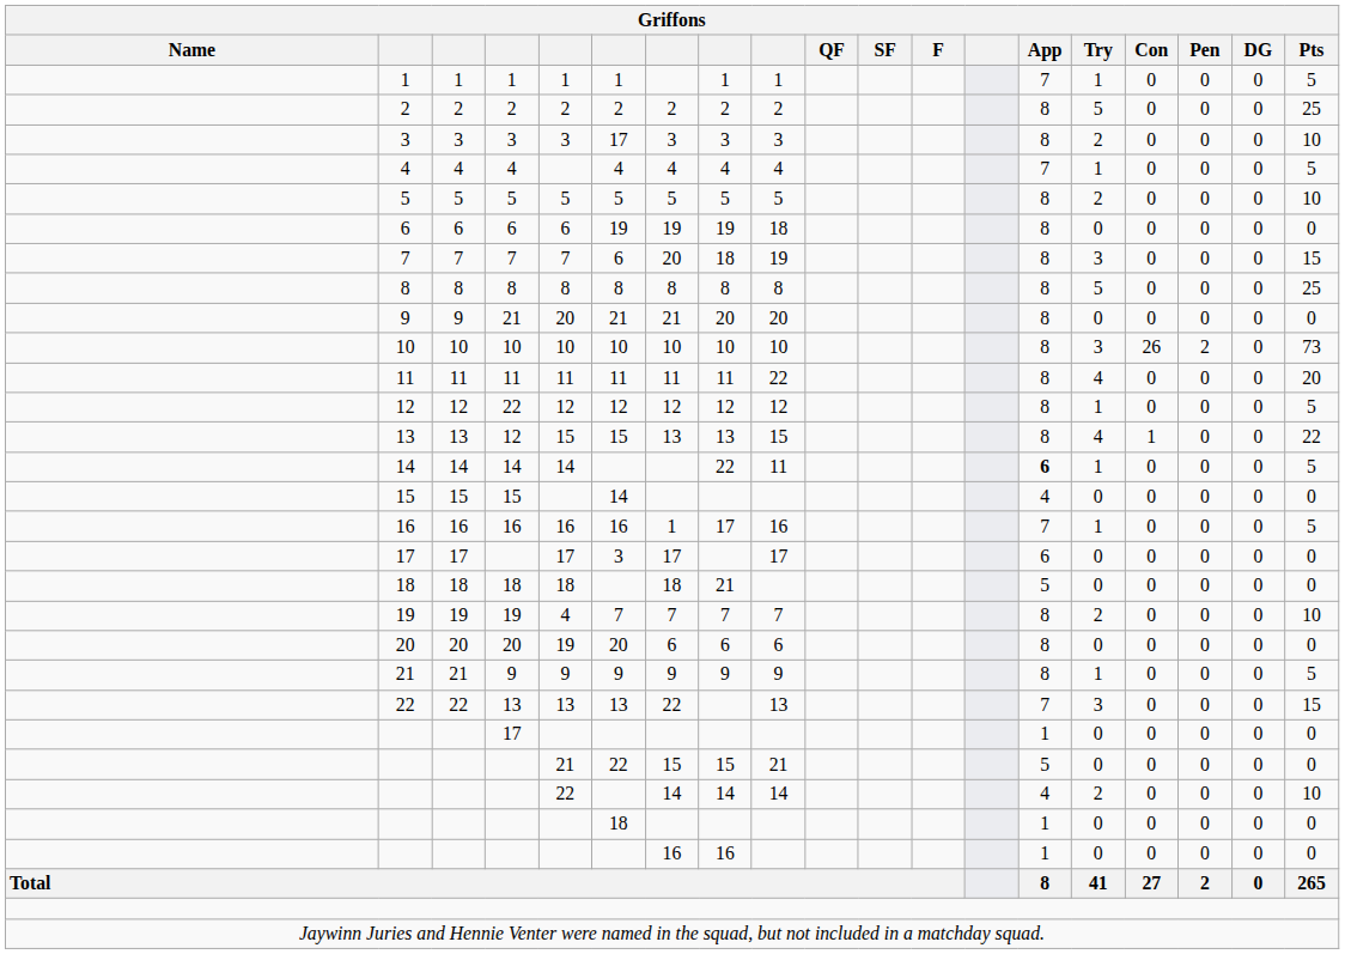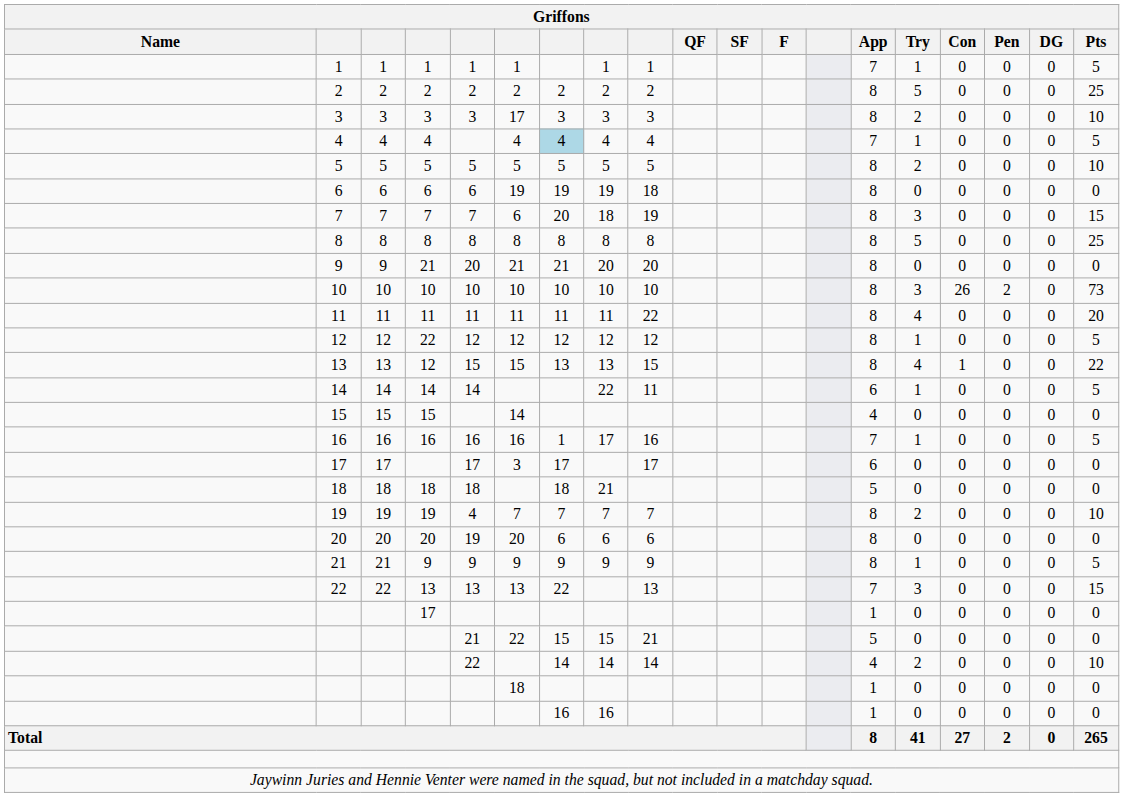 <table class="wikitable collapsible collapsed" style="text-align:center; font-size:100%; width:90%">
 <tr>
 <th colspan="100%">Griffons</th>
 </tr>
 <tr>
 <th style="width:28%;">Name</th>
 <th style="width:4%;"></th>
 <th style="width:4%;"></th>
 <th style="width:4%;"></th>
 <th style="width:4%;"></th>
 <th style="width:4%;"></th>
 <th style="width:4%;"></th>
 <th style="width:4%;"></th>
 <th style="width:4%;"></th>
 <th style="width:4%;">QF</th>
 <th style="width:4%;">SF</th>
 <th style="width:4%;">F</th>
 <th style="width:4%;"></th>
 <th style="width:4%;">App</th>
 <th style="width:4%;">Try</th>
 <th style="width:4%;">Con</th>
 <th style="width:4%;">Pen</th>
 <th style="width:4%;">DG</th>
 <th style="width:4%;">Pts</th>
 </tr>
 <tr>
 <td style="text-align:left;"></td>
 <td>1</td>
 <td>1</td>
 <td>1</td>
 <td>1</td>
 <td>1</td>
 <td></td>
 <td>1</td>
 <td>1</td>
 <td></td>
 <td></td>
 <td></td>
 <td style="background:#EBECF0;"></td>
 <td>7</td>
 <td>1</td>
 <td>0</td>
 <td>0</td>
 <td>0</td>
 <td>5</td>
 </tr>
 <tr>
 <td style="text-align:left;"></td>
 <td>2</td>
 <td>2</td>
 <td>2</td>
 <td>2</td>
 <td>2</td>
 <td>2</td>
 <td>2</td>
 <td>2</td>
 <td></td>
 <td></td>
 <td></td>
 <td style="background:#EBECF0;"></td>
 <td>8</td>
 <td>5</td>
 <td>0</td>
 <td>0</td>
 <td>0</td>
 <td>25</td>
 </tr>
 <tr>
 <td style="text-align:left;"></td>
 <td>3</td>
 <td>3</td>
 <td>3</td>
 <td>3</td>
 <td>17 </td>
 <td>3</td>
 <td>3</td>
 <td>3</td>
 <td></td>
 <td></td>
 <td></td>
 <td style="background:#EBECF0;"></td>
 <td>8</td>
 <td>2</td>
 <td>0</td>
 <td>0</td>
 <td>0</td>
 <td>10</td>
 </tr>
 <tr>
 <td style="text-align:left;"></td>
 <td>4</td>
 <td>4</td>
 <td>4</td>
 <td></td>
 <td>4</td>
-<td>4</td>
+<td style="background: lightblue;">4</td>
 <td>4</td>
 <td>4</td>
 <td></td>
 <td></td>
 <td></td>
 <td style="background:#EBECF0;"></td>
 <td>7</td>
 <td>1</td>
 <td>0</td>
 <td>0</td>
 <td>0</td>
 <td>5</td>
 </tr>
 <tr>
 <td style="text-align:left;"></td>
 <td>5</td>
 <td>5</td>
 <td>5</td>
 <td>5</td>
 <td>5</td>
 <td>5</td>
 <td>5</td>
 <td>5</td>
 <td></td>
 <td></td>
 <td></td>
 <td style="background:#EBECF0;"></td>
 <td>8</td>
 <td>2</td>
 <td>0</td>
 <td>0</td>
 <td>0</td>
 <td>10</td>
 </tr>
 <tr>
 <td style="text-align:left;"></td>
 <td>6</td>
 <td>6</td>
 <td>6</td>
 <td>6</td>
 <td>19 </td>
 <td>19 </td>
 <td>19 </td>
 <td>18 </td>
 <td></td>
 <td></td>
 <td></td>
 <td style="background:#EBECF0;"></td>
 <td>8</td>
 <td>0</td>
 <td>0</td>
 <td>0</td>
 <td>0</td>
 <td>0</td>
 </tr>
 <tr>
 <td style="text-align:left;"></td>
 <td>7</td>
 <td>7</td>
 <td>7</td>
 <td>7</td>
 <td>6</td>
 <td>20 </td>
 <td>18 </td>
 <td>19 </td>
 <td></td>
 <td></td>
 <td></td>
 <td style="background:#EBECF0;"></td>
 <td>8</td>
 <td>3</td>
 <td>0</td>
 <td>0</td>
 <td>0</td>
 <td>15</td>
 </tr>
 <tr>
 <td style="text-align:left;"></td>
 <td>8</td>
 <td>8</td>
 <td>8</td>
 <td>8</td>
 <td>8</td>
 <td>8</td>
 <td>8</td>
 <td>8</td>
 <td></td>
 <td></td>
 <td></td>
 <td style="background:#EBECF0;"></td>
 <td>8</td>
 <td>5</td>
 <td>0</td>
 <td>0</td>
 <td>0</td>
 <td>25</td>
 </tr>
 <tr>
 <td style="text-align:left;"></td>
 <td>9</td>
 <td>9</td>
 <td>21 </td>
 <td>20 </td>
 <td>21 </td>
 <td>21 </td>
 <td>20 </td>
 <td>20 </td>
 <td></td>
 <td></td>
 <td></td>
 <td style="background:#EBECF0;"></td>
 <td>8</td>
 <td>0</td>
 <td>0</td>
 <td>0</td>
 <td>0</td>
 <td>0</td>
 </tr>
 <tr>
 <td style="text-align:left;"></td>
 <td>10</td>
 <td>10</td>
 <td>10</td>
 <td>10</td>
 <td>10</td>
 <td>10</td>
 <td>10</td>
 <td>10</td>
 <td></td>
 <td></td>
 <td></td>
 <td style="background:#EBECF0;"></td>
 <td>8</td>
 <td>3</td>
 <td>26</td>
 <td>2</td>
 <td>0</td>
 <td>73</td>
 </tr>
 <tr>
 <td style="text-align:left;"></td>
 <td>11</td>
 <td>11</td>
 <td>11</td>
 <td>11</td>
 <td>11</td>
 <td>11</td>
 <td>11</td>
 <td>22 </td>
 <td></td>
 <td></td>
 <td></td>
 <td style="background:#EBECF0;"></td>
 <td>8</td>
 <td>4</td>
 <td>0</td>
 <td>0</td>
 <td>0</td>
 <td>20</td>
 </tr>
 <tr>
 <td style="text-align:left;"></td>
 <td>12</td>
 <td>12</td>
 <td>22 </td>
 <td>12</td>
 <td>12</td>
 <td>12</td>
 <td>12</td>
 <td>12</td>
 <td></td>
 <td></td>
 <td></td>
 <td style="background:#EBECF0;"></td>
 <td>8</td>
 <td>1</td>
 <td>0</td>
 <td>0</td>
 <td>0</td>
 <td>5</td>
 </tr>
 <tr>
 <td style="text-align:left;"></td>
 <td>13</td>
 <td>13</td>
 <td>12</td>
 <td>15</td>
 <td>15</td>
 <td>13</td>
 <td>13</td>
 <td>15</td>
 <td></td>
 <td></td>
 <td></td>
 <td style="background:#EBECF0;"></td>
 <td>8</td>
 <td>4</td>
 <td>1</td>
 <td>0</td>
 <td>0</td>
 <td>22</td>
 </tr>
 <tr>
 <td style="text-align:left;"></td>
 <td>14</td>
 <td>14</td>
 <td>14</td>
 <td>14</td>
 <td></td>
 <td></td>
 <td>22 </td>
 <td>11</td>
 <td></td>
 <td></td>
 <td></td>
 <td style="background:#EBECF0;"></td>
-<td><strong>6</strong></td>
+<td>6</td>
 <td>1</td>
 <td>0</td>
 <td>0</td>
 <td>0</td>
 <td>5</td>
 </tr>
 <tr>
 <td style="text-align:left;"></td>
 <td>15</td>
 <td>15</td>
 <td>15</td>
 <td></td>
 <td>14</td>
 <td></td>
 <td></td>
 <td></td>
 <td></td>
 <td></td>
 <td></td>
 <td style="background:#EBECF0;"></td>
 <td>4</td>
 <td>0</td>
 <td>0</td>
 <td>0</td>
 <td>0</td>
 <td>0</td>
 </tr>
 <tr>
 <td style="text-align:left;"></td>
 <td>16 </td>
 <td>16 </td>
 <td>16 </td>
 <td>16</td>
 <td>16 </td>
 <td>1</td>
 <td>17 </td>
 <td>16 </td>
 <td></td>
 <td></td>
 <td></td>
 <td style="background:#EBECF0;"></td>
 <td>7</td>
 <td>1</td>
 <td>0</td>
 <td>0</td>
 <td>0</td>
 <td>5</td>
 </tr>
 <tr>
 <td style="text-align:left;"></td>
 <td>17 </td>
 <td>17 </td>
 <td></td>
 <td>17 </td>
 <td>3</td>
 <td>17 </td>
 <td></td>
 <td>17 </td>
 <td></td>
 <td></td>
 <td></td>
 <td style="background:#EBECF0;"></td>
 <td>6</td>
 <td>0</td>
 <td>0</td>
 <td>0</td>
 <td>0</td>
 <td>0</td>
 </tr>
 <tr>
 <td style="text-align:left;"></td>
 <td>18 </td>
 <td>18 </td>
 <td>18 </td>
 <td>18 </td>
 <td></td>
 <td>18</td>
 <td>21 </td>
 <td></td>
 <td></td>
 <td></td>
 <td></td>
 <td style="background:#EBECF0;"></td>
 <td>5</td>
 <td>0</td>
 <td>0</td>
 <td>0</td>
 <td>0</td>
 <td>0</td>
 </tr>
 <tr>
 <td style="text-align:left;"></td>
 <td>19 </td>
 <td>19 </td>
 <td>19 </td>
 <td>4</td>
 <td>7</td>
 <td>7</td>
 <td>7</td>
 <td>7</td>
 <td></td>
 <td></td>
 <td></td>
 <td style="background:#EBECF0;"></td>
 <td>8</td>
 <td>2</td>
 <td>0</td>
 <td>0</td>
 <td>0</td>
 <td>10</td>
 </tr>
 <tr>
 <td style="text-align:left;"></td>
 <td>20 </td>
 <td>20 </td>
 <td>20 </td>
 <td>19 </td>
 <td>20 </td>
 <td>6</td>
 <td>6</td>
 <td>6</td>
 <td></td>
 <td></td>
 <td></td>
 <td style="background:#EBECF0;"></td>
 <td>8</td>
 <td>0</td>
 <td>0</td>
 <td>0</td>
 <td>0</td>
 <td>0</td>
 </tr>
 <tr>
 <td style="text-align:left;"></td>
 <td>21 </td>
 <td>21 </td>
 <td>9</td>
 <td>9</td>
 <td>9</td>
 <td>9</td>
 <td>9</td>
 <td>9</td>
 <td></td>
 <td></td>
 <td></td>
 <td style="background:#EBECF0;"></td>
 <td>8</td>
 <td>1</td>
 <td>0</td>
 <td>0</td>
 <td>0</td>
 <td>5</td>
 </tr>
 <tr>
 <td style="text-align:left;"></td>
 <td>22 </td>
 <td>22 </td>
 <td>13</td>
 <td>13</td>
 <td>13</td>
 <td>22 </td>
 <td></td>
 <td>13</td>
 <td></td>
 <td></td>
 <td></td>
 <td style="background:#EBECF0;"></td>
 <td>7</td>
 <td>3</td>
 <td>0</td>
 <td>0</td>
 <td>0</td>
 <td>15</td>
 </tr>
 <tr>
 <td style="text-align:left;"></td>
 <td></td>
 <td></td>
 <td>17 </td>
 <td></td>
 <td></td>
 <td></td>
 <td></td>
 <td></td>
 <td></td>
 <td></td>
 <td></td>
 <td style="background:#EBECF0;"></td>
 <td>1</td>
 <td>0</td>
 <td>0</td>
 <td>0</td>
 <td>0</td>
 <td>0</td>
 </tr>
 <tr>
 <td style="text-align:left;"></td>
 <td></td>
 <td></td>
 <td></td>
 <td>21 </td>
 <td>22 </td>
 <td>15</td>
 <td>15</td>
 <td>21 </td>
 <td></td>
 <td></td>
 <td></td>
 <td style="background:#EBECF0;"></td>
 <td>5</td>
 <td>0</td>
 <td>0</td>
 <td>0</td>
 <td>0</td>
 <td>0</td>
 </tr>
 <tr>
 <td style="text-align:left;"></td>
 <td></td>
 <td></td>
 <td></td>
 <td>22 </td>
 <td></td>
 <td>14</td>
 <td>14</td>
 <td>14</td>
 <td></td>
 <td></td>
 <td></td>
 <td style="background:#EBECF0;"></td>
 <td>4</td>
 <td>2</td>
 <td>0</td>
 <td>0</td>
 <td>0</td>
 <td>10</td>
 </tr>
 <tr>
 <td style="text-align:left;"></td>
 <td></td>
 <td></td>
 <td></td>
 <td></td>
 <td>18 </td>
 <td></td>
 <td></td>
 <td></td>
 <td></td>
 <td></td>
 <td></td>
 <td style="background:#EBECF0;"></td>
 <td>1</td>
 <td>0</td>
 <td>0</td>
 <td>0</td>
 <td>0</td>
 <td>0</td>
 </tr>
 <tr>
 <td style="text-align:left;"></td>
 <td></td>
 <td></td>
 <td></td>
 <td></td>
 <td></td>
 <td>16 </td>
 <td>16</td>
 <td></td>
 <td></td>
 <td></td>
 <td></td>
 <td style="background:#EBECF0;"></td>
 <td>1</td>
 <td>0</td>
 <td>0</td>
 <td>0</td>
 <td>0</td>
 <td>0</td>
 </tr>
 <tr>
 <th colspan="12" style="text-align:left;">Total</th>
 <th style="background:#EBECF0;"></th>
 <th>8</th>
 <th>41</th>
 <th>27</th>
 <th>2</th>
 <th>0</th>
 <th>265</th>
 </tr>
 <tr class="sortbottom">
 <td colspan="100%" style="height: 10px;"></td>
 </tr>
 <tr class="sortbottom">
 <td colspan="100%" style="text-align:center;"><em>Jaywinn Juries and Hennie Venter were named in the squad, but not included in a matchday squad.</em></td>
 </tr>
 </table>
